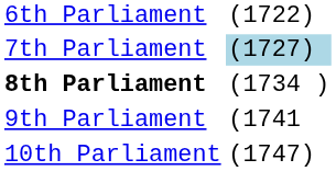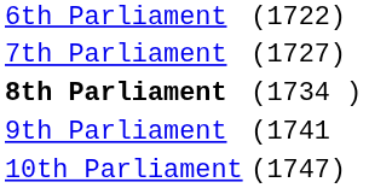 <table id=toc style="float:right">
 <tr>
 <td><a href='#'>6th Parliament</a></td>
 <td>(1722)</td>
 </tr>
 <tr>
 <td><a href='#'>7th Parliament</a></td>
-<td style="background: lightblue;">(1727)</td>
+<td>(1727)</td>
 </tr>
 <tr>
 <td><strong>8th Parliament</strong></td>
 <td>(1734 )</td>
 </tr>
 <tr>
 <td><a href='#'>9th Parliament</a></td>
 <td>(1741</td>
 </tr>
 <tr>
 <td><a href='#'>10th Parliament</a></td>
 <td>(1747)</td>
 </tr>
 </table>
